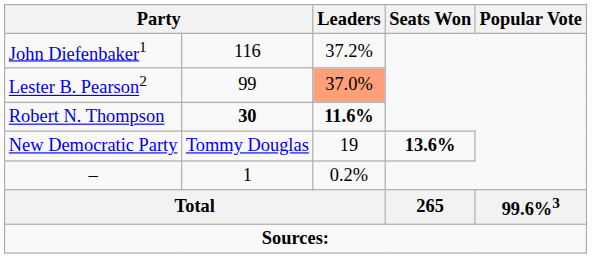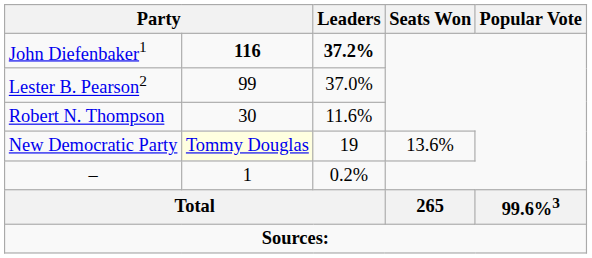 <table class="wikitable">
 <tr>
 <th colspan="2">Party</th>
 <th>Leaders</th>
 <th>Seats Won</th>
 <th>Popular Vote</th>
 </tr>
 <tr>
 <td><a href='#'>John Diefenbaker</a><sup>1</sup></td>
-<td align=center>116</td>
-<td align=center>37.2%</td>
+<td align=center><strong>116</strong></td>
+<td align=center><strong>37.2%</strong></td>
 </tr>
 <tr>
 <td><a href='#'>Lester B. Pearson</a><sup>2</sup></td>
 <td align=center>99</td>
-<td align=center style="background: lightsalmon;">37.0%</td>
+<td align=center>37.0%</td>
 </tr>
 <tr>
 <td><a href='#'>Robert N. Thompson</a></td>
-<td align=center><strong>30</strong></td>
-<td align=center><strong>11.6%</strong></td>
+<td align=center>30</td>
+<td align=center>11.6%</td>
 </tr>
 <tr>
 <td><a href='#'>New Democratic Party</a></td>
-<td><a href='#'>Tommy Douglas</a></td>
+<td style="background: lightyellow;"><a href='#'>Tommy Douglas</a></td>
 <td align=center>19</td>
-<td align=center><strong>13.6%</strong></td>
+<td align=center>13.6%</td>
 </tr>
 <tr>
 <td align=center>–</td>
 <td align=center>1</td>
 <td align=center>0.2%</td>
 </tr>
 <tr>
 <th colspan=3 align=left>Total</th>
 <th align=center>265</th>
 <th align=center>99.6%<sup>3</sup></th>
 </tr>
 <tr>
 <td align="center" colspan=5><strong>Sources:</strong> </td>
 </tr>
 </table>
